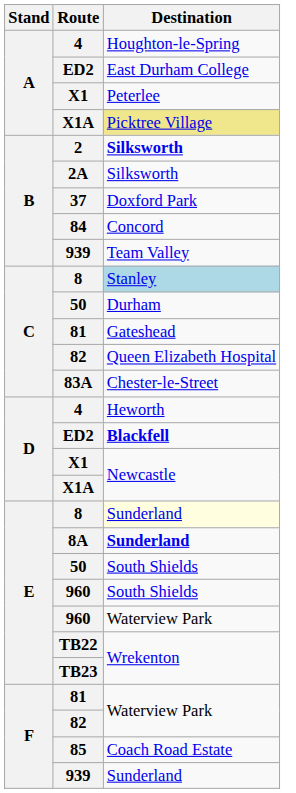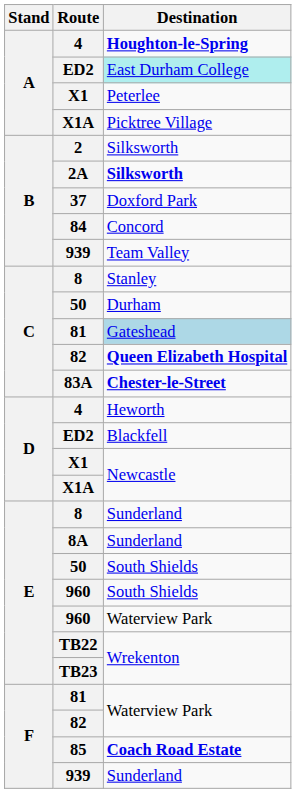 <table class="wikitable sortable mw-collapsible mw-collapsed">
 <tr>
 <th><strong>Stand</strong></th>
 <th><strong>Route</strong></th>
 <th><strong>Destination</strong></th>
 </tr>
 <tr>
 <th rowspan="4"><strong>A</strong></th>
 <th>4</th>
-<td><a href='#'>Houghton-le-Spring</a><br></td>
+<td><strong><a href='#'>Houghton-le-Spring</a><br></strong></td>
 </tr>
 <tr>
 <th>ED2</th>
-<td><a href='#'>East Durham College</a><br></td>
+<td style="background: paleturquoise;"><a href='#'>East Durham College</a><br></td>
 </tr>
 <tr>
 <th>X1</th>
 <td><a href='#'>Peterlee</a> <br></td>
 </tr>
 <tr>
 <th>X1A</th>
-<td style="background: khaki;"><a href='#'>Picktree Village</a></td>
+<td><a href='#'>Picktree Village</a></td>
 </tr>
 <tr>
 <th rowspan="5">B</th>
 <th>2</th>
-<td><strong><a href='#'>Silksworth</a><br></strong></td>
+<td><a href='#'>Silksworth</a><br></td>
 </tr>
 <tr>
 <th>2A</th>
-<td><a href='#'>Silksworth</a><br></td>
+<td><strong><a href='#'>Silksworth</a><br></strong></td>
 </tr>
 <tr>
 <th>37</th>
 <td><a href='#'>Doxford Park</a><br></td>
 </tr>
 <tr>
 <th>84</th>
 <td><a href='#'>Concord</a> <br></td>
 </tr>
 <tr>
 <th>939</th>
 <td><a href='#'>Team Valley</a></td>
 </tr>
 <tr>
 <th rowspan="5">C</th>
 <th>8</th>
-<td style="background: lightblue;"><a href='#'>Stanley</a> <br></td>
+<td><a href='#'>Stanley</a> <br></td>
 </tr>
 <tr>
 <th>50</th>
 <td><a href='#'>Durham</a>  <br></td>
 </tr>
 <tr>
 <th>81</th>
-<td><a href='#'>Gateshead</a>  <br></td>
+<td style="background: lightblue;"><a href='#'>Gateshead</a>  <br></td>
 </tr>
 <tr>
 <th>82</th>
-<td><a href='#'>Queen Elizabeth Hospital</a><br></td>
+<td><strong><a href='#'>Queen Elizabeth Hospital</a><br></strong></td>
 </tr>
 <tr>
 <th>83A</th>
-<td><a href='#'>Chester-le-Street</a>  <br></td>
+<td><strong><a href='#'>Chester-le-Street</a>  <br></strong></td>
 </tr>
 <tr>
 <th rowspan="4">D</th>
 <th>4</th>
 <td><a href='#'>Heworth</a>   <br></td>
 </tr>
 <tr>
 <th>ED2</th>
-<td><strong><a href='#'>Blackfell</a><br></strong></td>
+<td><a href='#'>Blackfell</a><br></td>
 </tr>
 <tr>
 <th>X1</th>
 <td rowspan="2"><a href='#'>Newcastle</a>  <br></td>
 </tr>
 <tr>
 <th>X1A</th>
 </tr>
 <tr>
 <th rowspan="7">E</th>
 <th>8</th>
-<td style="background: lightyellow;"><a href='#'>Sunderland</a>   <br></td>
+<td><a href='#'>Sunderland</a>   <br></td>
 </tr>
 <tr>
 <th>8A</th>
-<td><strong><a href='#'>Sunderland</a>   <br></strong></td>
+<td><a href='#'>Sunderland</a>   <br></td>
 </tr>
 <tr>
 <th>50</th>
 <td><a href='#'>South Shields</a> <br></td>
 </tr>
 <tr>
 <th>960</th>
 <td><a href='#'>South Shields</a>  <br></td>
 </tr>
 <tr>
 <th>960</th>
 <td>Waterview Park</td>
 </tr>
 <tr>
 <th>TB22</th>
 <td rowspan="2"><a href='#'>Wrekenton</a><br></td>
 </tr>
 <tr>
 <th>TB23</th>
 </tr>
 <tr>
 <th rowspan="4">F</th>
 <th>81</th>
 <td rowspan="2">Waterview Park<br></td>
 </tr>
 <tr>
 <th>82</th>
 </tr>
 <tr>
 <th>85</th>
-<td><a href='#'>Coach Road Estate</a><br></td>
+<td><strong><a href='#'>Coach Road Estate</a><br></strong></td>
 </tr>
 <tr>
 <th>939</th>
 <td><a href='#'>Sunderland</a>   <br></td>
 </tr>
 </table>
